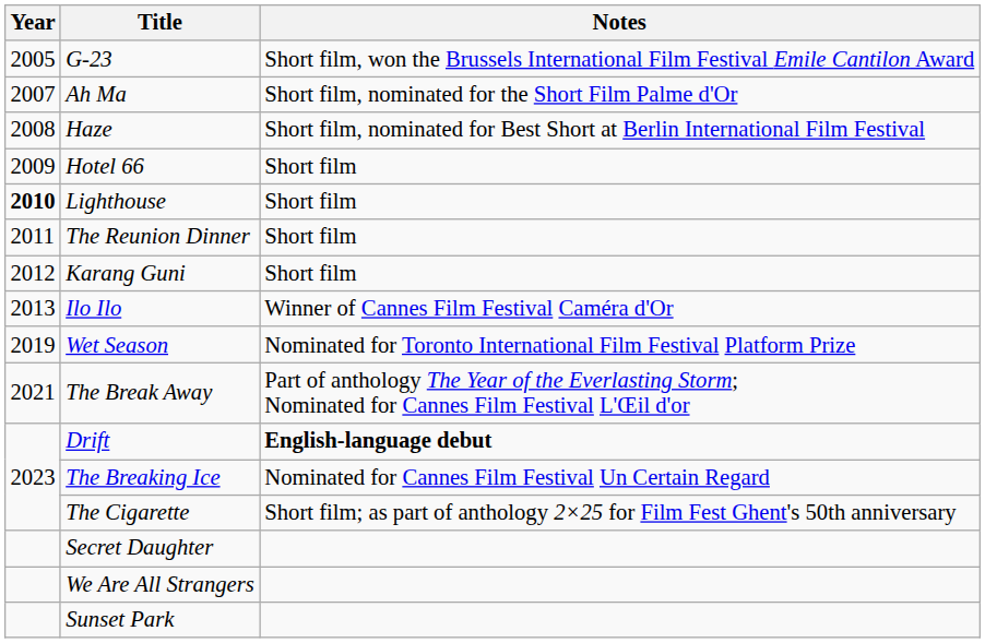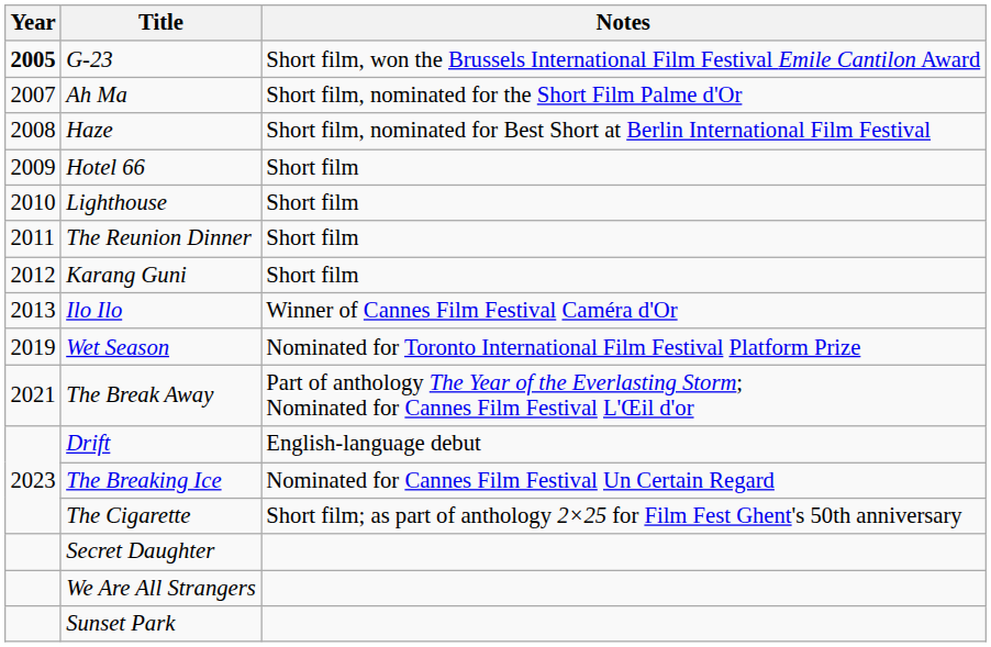 <table class="wikitable sortable">
 <tr>
 <th>Year</th>
 <th>Title</th>
 <th class="unsortable">Notes</th>
 </tr>
 <tr>
-<td>2005</td>
+<td><strong>2005</strong></td>
 <td><em>G-23</em></td>
 <td>Short film, won the <a href='#'>Brussels International Film Festival <em>Emile Cantilon</em> Award</a></td>
 </tr>
 <tr>
 <td>2007</td>
 <td><em>Ah Ma</em></td>
 <td>Short film, nominated for the <a href='#'>Short Film Palme d'Or</a></td>
 </tr>
 <tr>
 <td>2008</td>
 <td><em>Haze</em></td>
 <td>Short film, nominated for Best Short at <a href='#'>Berlin International Film Festival</a></td>
 </tr>
 <tr>
 <td>2009</td>
 <td><em>Hotel 66</em></td>
 <td>Short film</td>
 </tr>
 <tr>
-<td><strong>2010</strong></td>
+<td>2010</td>
 <td><em>Lighthouse</em></td>
 <td>Short film</td>
 </tr>
 <tr>
 <td>2011</td>
 <td><em>The Reunion Dinner</em></td>
 <td>Short film</td>
 </tr>
 <tr>
 <td>2012</td>
 <td><em>Karang Guni</em></td>
 <td>Short film</td>
 </tr>
 <tr>
 <td>2013</td>
 <td><em><a href='#'>Ilo Ilo</a></em></td>
 <td>Winner of <a href='#'>Cannes Film Festival</a> <a href='#'>Caméra d'Or</a></td>
 </tr>
 <tr>
 <td>2019</td>
 <td><em><a href='#'>Wet Season</a></em></td>
 <td>Nominated for <a href='#'>Toronto International Film Festival</a> <a href='#'>Platform Prize</a></td>
 </tr>
 <tr>
 <td>2021</td>
 <td><em>The Break Away</em></td>
 <td>Part of anthology <em><a href='#'>The Year of the Everlasting Storm</a></em>;<br> Nominated for <a href='#'>Cannes Film Festival</a> <a href='#'>L'Œil d'or</a></td>
 </tr>
 <tr>
 <td rowspan="3">2023</td>
 <td><em><a href='#'>Drift</a></em></td>
-<td><strong>English-language debut</strong></td>
+<td>English-language debut</td>
 </tr>
 <tr>
 <td><em><a href='#'>The Breaking Ice</a></em></td>
 <td>Nominated for <a href='#'>Cannes Film Festival</a> <a href='#'>Un Certain Regard</a></td>
 </tr>
 <tr>
 <td><em>The Cigarette</em></td>
 <td>Short film; as part of anthology <em>2×25</em> for <a href='#'>Film Fest Ghent</a>'s 50th anniversary</td>
 </tr>
 <tr>
 <td></td>
 <td><em>Secret Daughter</em></td>
 <td></td>
 </tr>
 <tr>
 <td></td>
 <td><em>We Are All Strangers</em></td>
 <td></td>
 </tr>
 <tr>
 <td></td>
 <td><em>Sunset Park</em></td>
 <td></td>
 </tr>
 </table>
